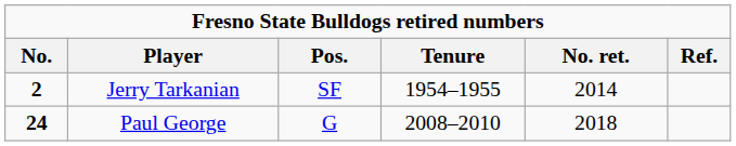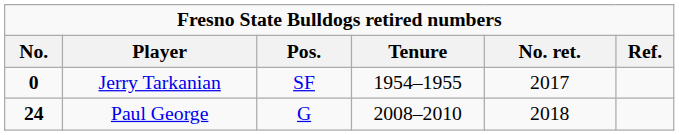 <table class="wikitable sortable" style="text-align:center">
 <tr>
 <td colspan=6><strong>Fresno State Bulldogs retired numbers</strong></td>
 </tr>
 <tr>
 <th width=40px>No.</th>
 <th width=150px>Player</th>
 <th width=70px>Pos.</th>
 <th width=100px>Tenure</th>
 <th width=100px>No. ret.</th>
 <th width=40px>Ref.</th>
 </tr>
 <tr>
-<td><strong>2</strong></td>
+<td><strong>0</strong></td>
 <td><a href='#'>Jerry Tarkanian</a></td>
 <td><a href='#'>SF</a></td>
 <td>1954–1955</td>
-<td>2014</td>
+<td>2017</td>
 <td></td>
 </tr>
 <tr>
 <td><strong>24</strong></td>
 <td><a href='#'>Paul George</a></td>
 <td><a href='#'>G</a></td>
 <td>2008–2010</td>
 <td>2018</td>
 <td></td>
 </tr>
 </table>
